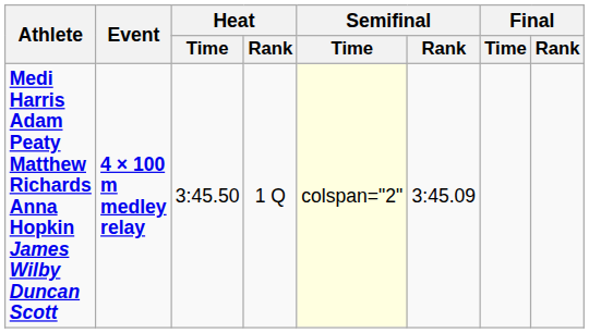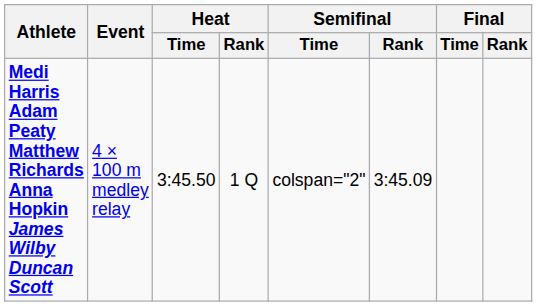 <table class="wikitable" style="text-align:center; font-size:90%; width:50%;">
 <tr>
 <th rowspan="2">Athlete</th>
 <th rowspan="2">Event</th>
 <th colspan="2">Heat</th>
 <th colspan="2">Semifinal</th>
 <th colspan="2">Final</th>
 </tr>
 <tr style="font-size:95%">
 <th>Time</th>
 <th>Rank</th>
 <th>Time</th>
 <th>Rank</th>
 <th>Time</th>
 <th>Rank</th>
 </tr>
 <tr align=center>
 <td align=left><strong><a href='#'>Medi Harris</a><br><a href='#'>Adam Peaty</a><br><a href='#'>Matthew Richards</a><br><a href='#'>Anna Hopkin</a><br><em><a href='#'>James Wilby</a><br><a href='#'>Duncan Scott</a><strong><em></td>
-<td align=left><strong><a href='#'>4 × 100 m medley relay</a></strong></td>
+<td align=left><a href='#'>4 × 100 m medley relay</a></td>
 <td>3:45.50</td>
 <td>1 </strong>Q<strong></td>
-<td style="background: lightyellow;">colspan="2" </td>
+<td>colspan="2" </td>
 <td>3:45.09</td>
 <td></td>
 </tr>
 </table>
